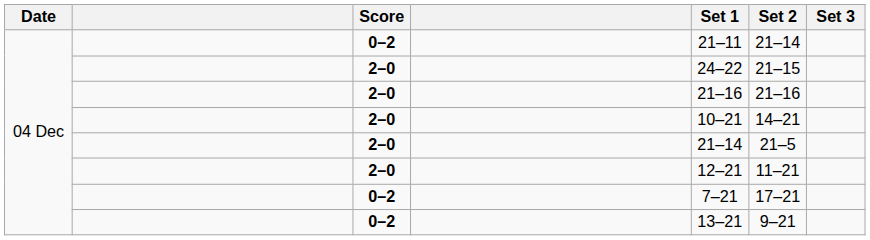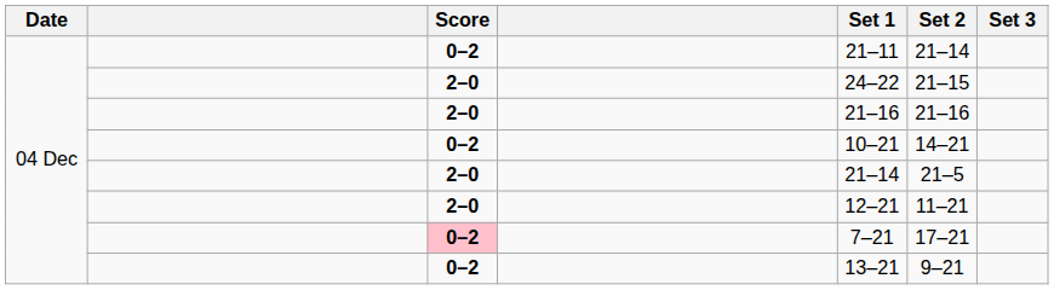 <table class="wikitable" style="text-align: center;">
 <tr>
 <th width="60">Date</th>
 <th align="right" width="270"></th>
 <th width="50">Score</th>
 <th align="left" width="270"></th>
 <th width="50">Set 1</th>
 <th width="50">Set 2</th>
 <th width="50">Set 3</th>
 </tr>
 <tr>
 <td rowspan=8>04 Dec</td>
 <td align=left><strong></strong></td>
 <td align=center><strong>0–2</strong></td>
 <td align=left></td>
 <td>21–11</td>
 <td>21–14</td>
 <td></td>
 </tr>
 <tr>
 <td align=left><strong></strong></td>
 <td align=center><strong>2–0</strong></td>
 <td align=left></td>
 <td>24–22</td>
 <td>21–15</td>
 <td></td>
 </tr>
 <tr>
 <td align=left><strong></strong></td>
 <td align=center><strong>2–0</strong></td>
 <td align=left></td>
 <td>21–16</td>
 <td>21–16</td>
 <td></td>
 </tr>
 <tr>
 <td align=left></td>
-<td align=center><strong>2–0</strong></td>
+<td align=center><strong>0–2</strong></td>
 <td align=left><strong></strong></td>
 <td>10–21</td>
 <td>14–21</td>
 <td></td>
 </tr>
 <tr>
 <td align=left><strong></strong></td>
 <td align=center><strong>2–0</strong></td>
 <td align=left></td>
 <td>21–14</td>
 <td>21–5</td>
 <td></td>
 </tr>
 <tr>
 <td align=left></td>
 <td align=center><strong>2–0</strong></td>
 <td align=left><strong></strong></td>
 <td>12–21</td>
 <td>11–21</td>
 <td></td>
 </tr>
 <tr>
 <td align=left></td>
-<td align=center><strong>0–2</strong></td>
+<td align=center style="background: pink;"><strong>0–2</strong></td>
 <td align=left><strong></strong></td>
 <td>7–21</td>
 <td>17–21</td>
 <td></td>
 </tr>
 <tr>
 <td align=left></td>
 <td align=center><strong>0–2</strong></td>
 <td align=left><strong></strong></td>
 <td>13–21</td>
 <td>9–21</td>
 <td></td>
 </tr>
 </table>
